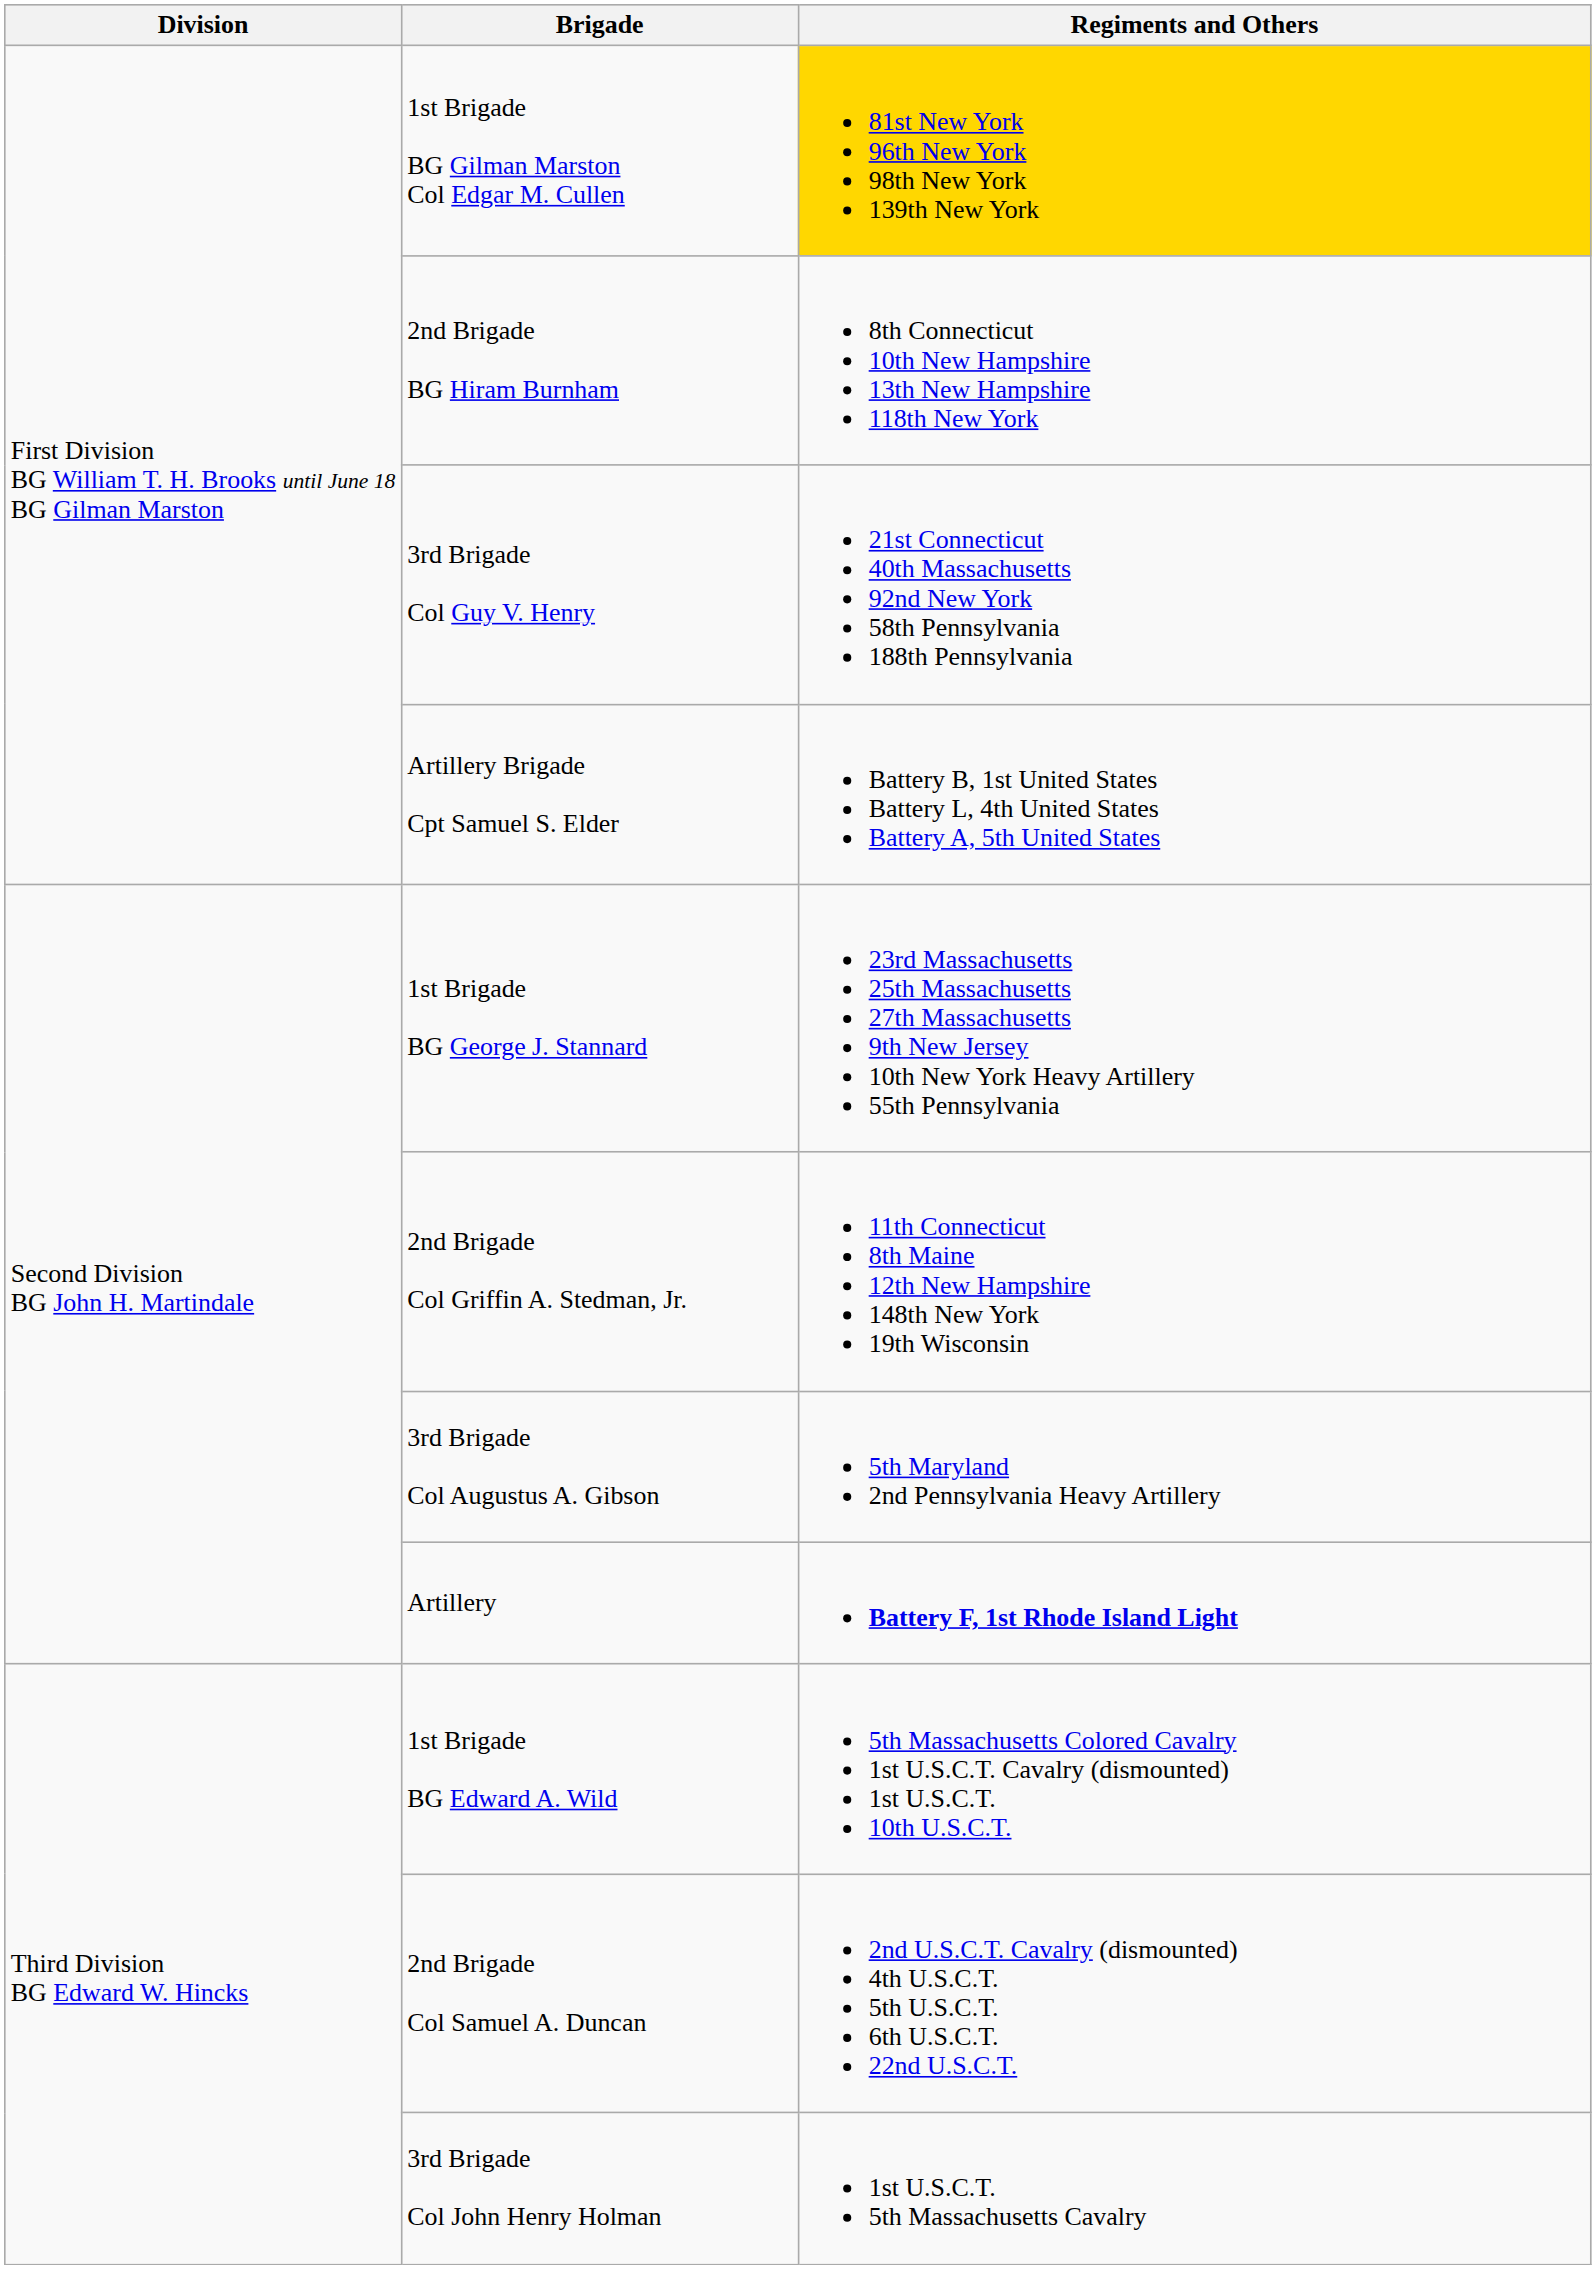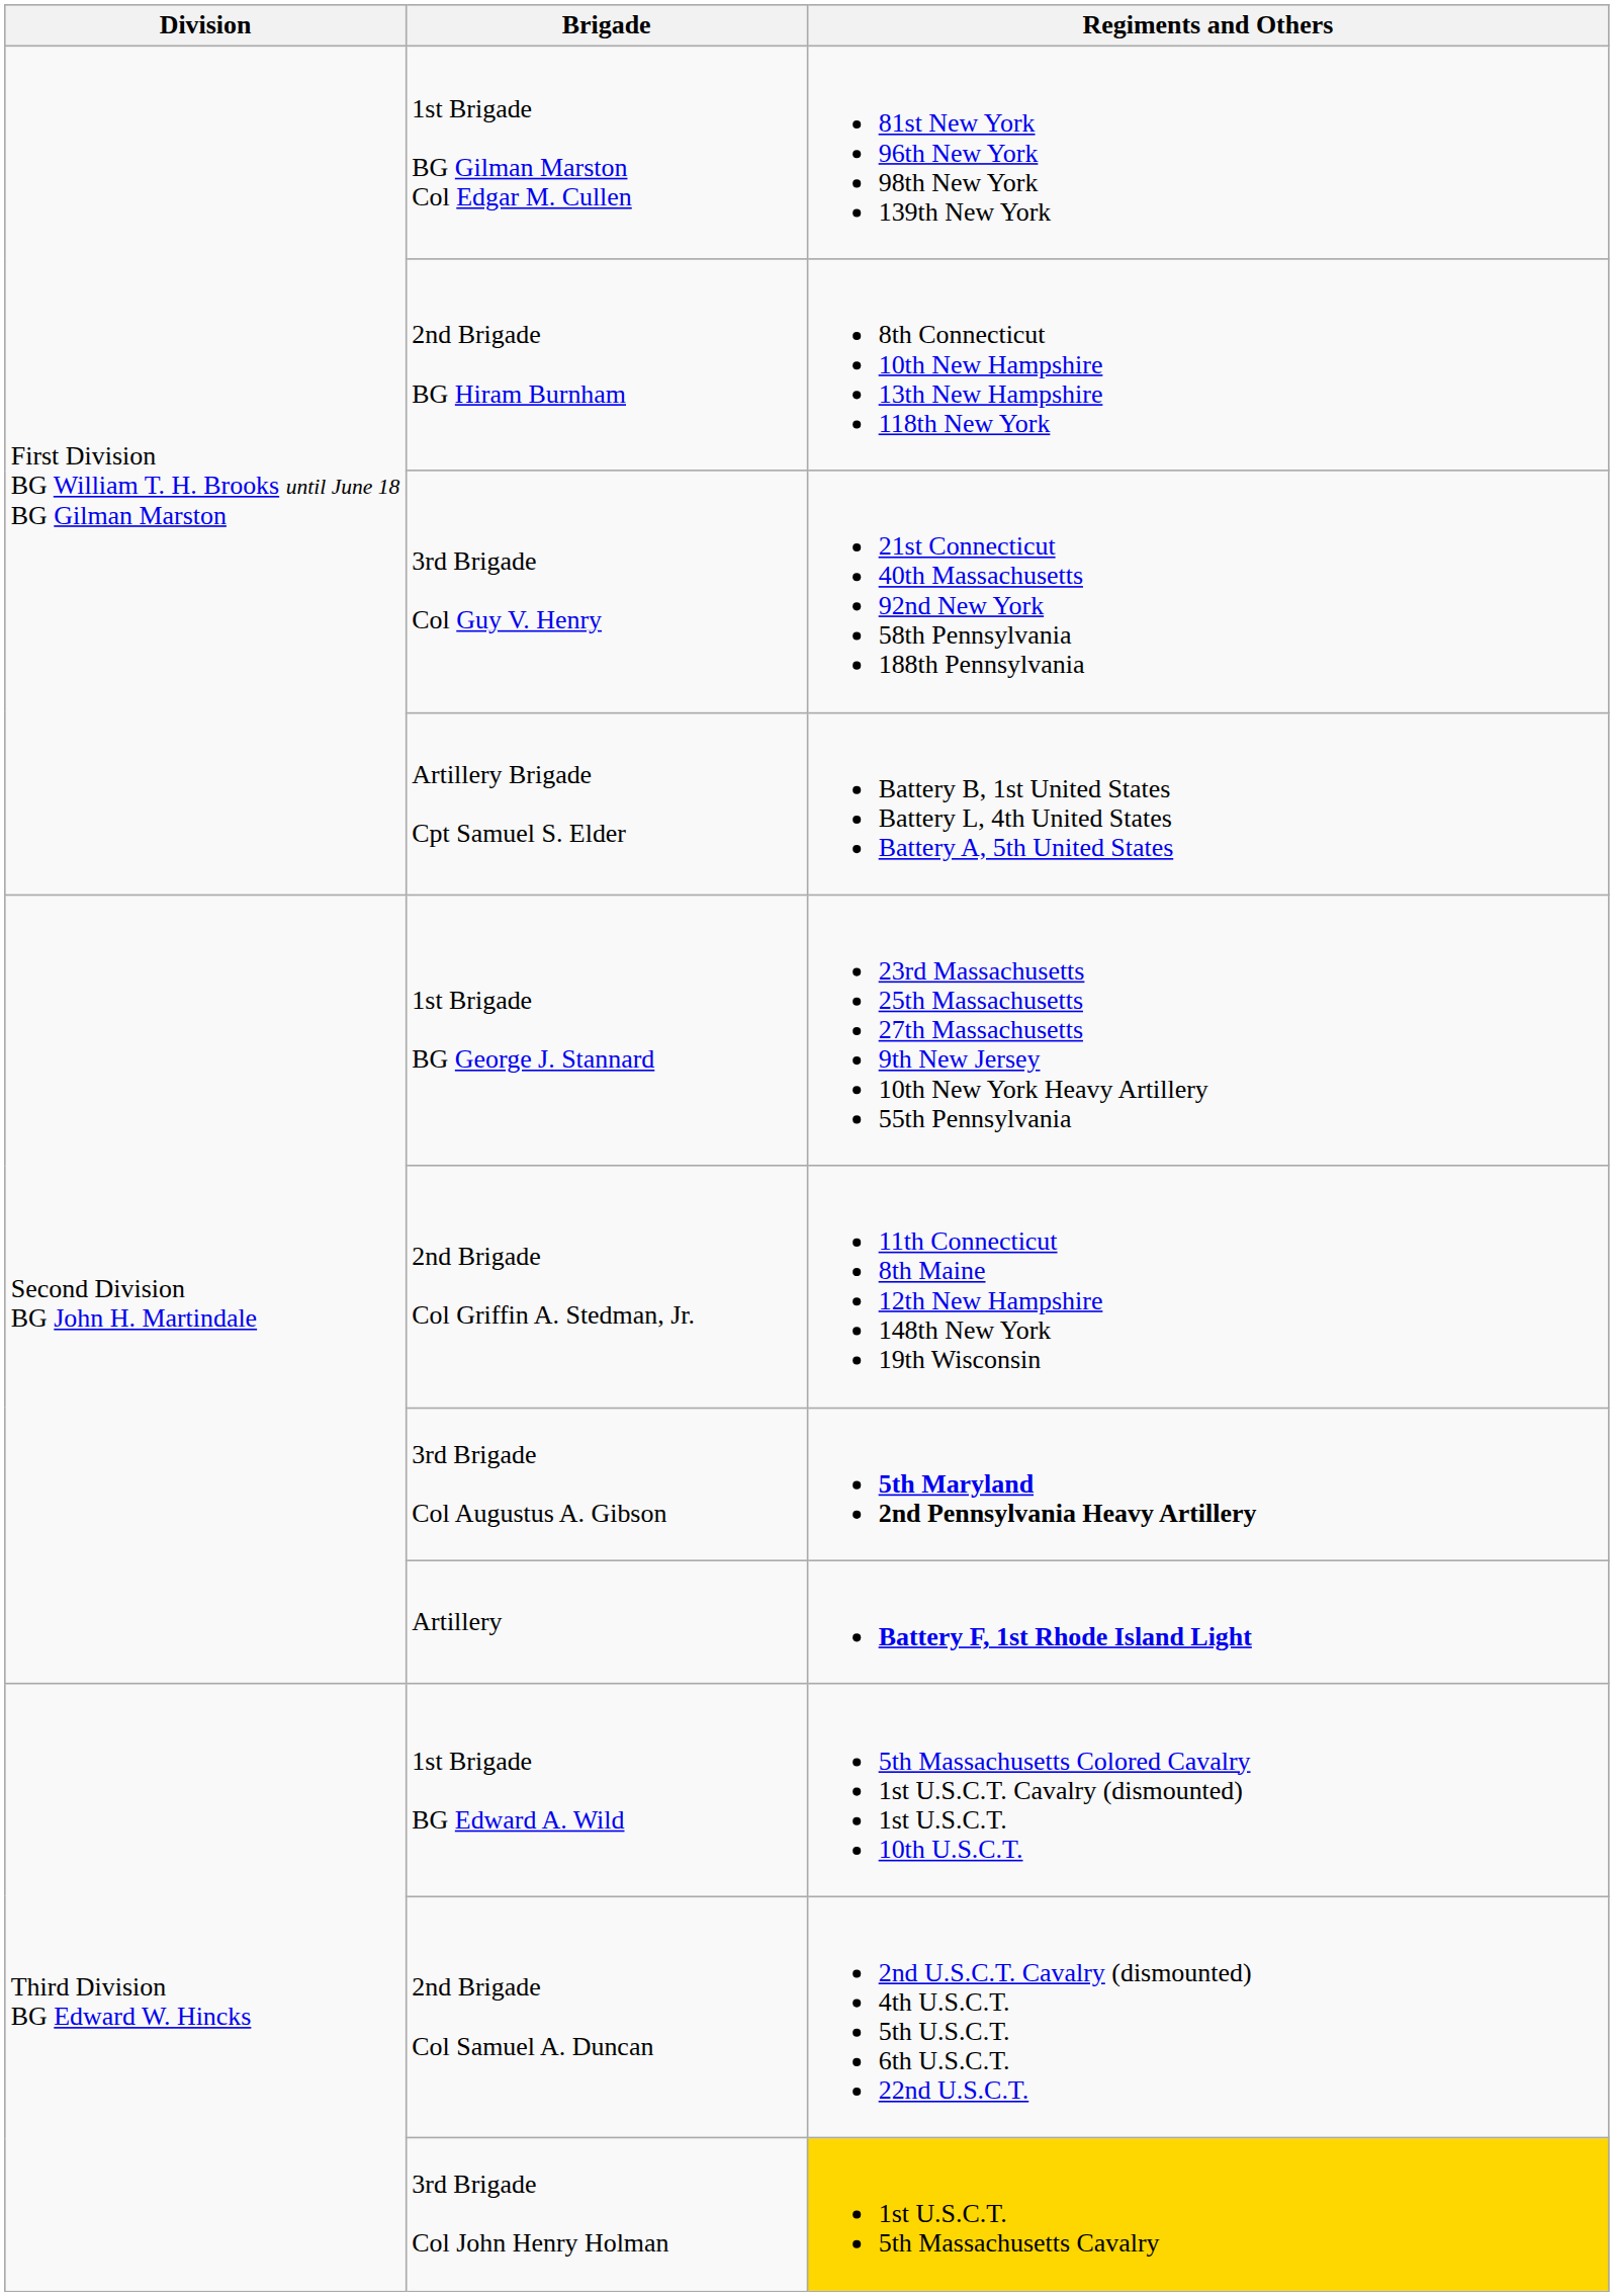 <table class="wikitable">
 <tr>
 <th width=25%>Division</th>
 <th width=25%>Brigade</th>
 <th>Regiments and Others</th>
 </tr>
 <tr>
 <td rowspan=4><br>First Division <br> BG <a href='#'>William T. H. Brooks</a> <small><em>until June 18</em></small><br>BG <a href='#'>Gilman Marston</a></td>
 <td>1st Brigade<br><br> BG <a href='#'>Gilman Marston</a><br>Col <a href='#'>Edgar M. Cullen</a></td>
-<td style="background: gold;"><br><ul><li><a href='#'>81st New York</a></li><li><a href='#'>96th New York</a></li><li>98th New York</li><li>139th New York</li></ul></td>
+<td><br><ul><li><a href='#'>81st New York</a></li><li><a href='#'>96th New York</a></li><li>98th New York</li><li>139th New York</li></ul></td>
 </tr>
 <tr>
 <td>2nd Brigade<br><br> BG <a href='#'>Hiram Burnham</a></td>
 <td><br><ul><li>8th Connecticut</li><li><a href='#'>10th New Hampshire</a></li><li><a href='#'>13th New Hampshire</a></li><li><a href='#'>118th New York</a></li></ul></td>
 </tr>
 <tr>
 <td>3rd Brigade<br><br> Col <a href='#'>Guy V. Henry</a></td>
 <td><br><ul><li><a href='#'>21st Connecticut</a></li><li><a href='#'>40th Massachusetts</a></li><li><a href='#'>92nd New York</a></li><li>58th Pennsylvania</li><li>188th Pennsylvania</li></ul></td>
 </tr>
 <tr>
 <td>Artillery Brigade<br><br> Cpt Samuel S. Elder</td>
 <td><br><ul><li>Battery B, 1st United States</li><li>Battery L, 4th United States</li><li><a href='#'>Battery A, 5th United States</a></li></ul></td>
 </tr>
 <tr>
 <td rowspan=4><br>Second Division  <br> BG <a href='#'>John H. Martindale</a></td>
 <td>1st Brigade<br><br> BG <a href='#'>George J. Stannard</a></td>
 <td><br><ul><li><a href='#'>23rd Massachusetts</a></li><li><a href='#'>25th Massachusetts</a></li><li><a href='#'>27th Massachusetts</a></li><li><a href='#'>9th New Jersey</a></li><li>10th New York Heavy Artillery</li><li>55th Pennsylvania</li></ul></td>
 </tr>
 <tr>
 <td>2nd Brigade<br><br> Col Griffin A. Stedman, Jr.</td>
 <td><br><ul><li><a href='#'>11th Connecticut</a></li><li><a href='#'>8th Maine</a></li><li><a href='#'>12th New Hampshire</a></li><li>148th New York</li><li>19th Wisconsin</li></ul></td>
 </tr>
 <tr>
 <td>3rd Brigade<br><br> Col Augustus A. Gibson</td>
-<td><br><ul><li><a href='#'>5th Maryland</a></li><li>2nd Pennsylvania Heavy Artillery</li></ul></td>
+<td><strong><br><ul><li><a href='#'>5th Maryland</a></li><li>2nd Pennsylvania Heavy Artillery</li></ul></strong></td>
 </tr>
 <tr>
 <td>Artillery</td>
 <td><strong><br><ul><li><a href='#'>Battery F, 1st Rhode Island Light</a></li></ul></strong></td>
 </tr>
 <tr>
 <td rowspan=3><br>Third Division <br> BG <a href='#'>Edward W. Hincks</a></td>
 <td>1st Brigade<br><br> BG <a href='#'>Edward A. Wild</a></td>
 <td><br><ul><li><a href='#'>5th Massachusetts Colored Cavalry</a></li><li>1st U.S.C.T. Cavalry (dismounted)</li><li>1st U.S.C.T.</li><li><a href='#'>10th U.S.C.T.</a></li></ul></td>
 </tr>
 <tr>
 <td>2nd Brigade<br><br> Col Samuel A. Duncan</td>
 <td><br><ul><li><a href='#'>2nd U.S.C.T. Cavalry</a> (dismounted)</li><li>4th U.S.C.T.</li><li>5th U.S.C.T.</li><li>6th U.S.C.T.</li><li><a href='#'>22nd U.S.C.T.</a></li></ul></td>
 </tr>
 <tr>
 <td>3rd Brigade<br><br> Col John Henry Holman</td>
-<td><br><ul><li>1st U.S.C.T.</li><li>5th Massachusetts Cavalry</li></ul></td>
+<td style="background: gold;"><br><ul><li>1st U.S.C.T.</li><li>5th Massachusetts Cavalry</li></ul></td>
 </tr>
 </table>
